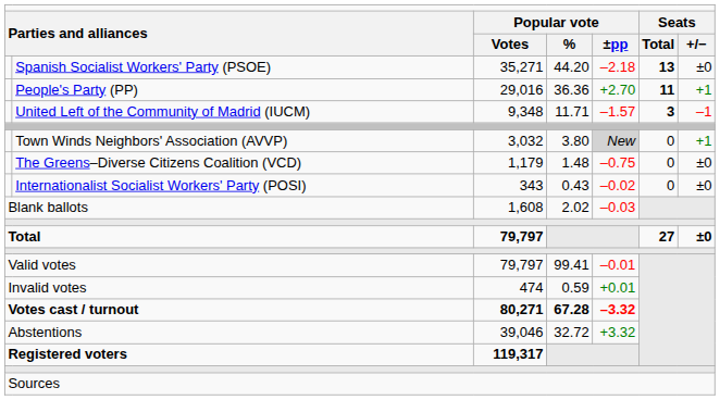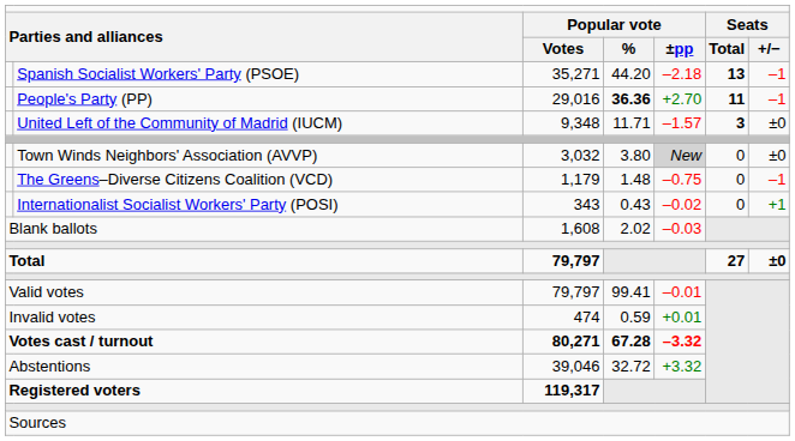 <table class="wikitable" style="text-align:right;">
 <tr>
 <td colspan="7"></td>
 </tr>
 <tr>
 <th style="text-align:left;" rowspan="2" colspan="2" width="525">Parties and alliances</th>
 <th colspan="3">Popular vote</th>
 <th colspan="2">Seats</th>
 </tr>
 <tr>
 <th width="75">Votes</th>
 <th width="45">%</th>
 <th width="45">±<a href='#'>pp</a></th>
 <th width="35">Total</th>
 <th width="35">+/−</th>
 </tr>
 <tr>
 <td width="1" style="color:inherit;background:"></td>
 <td align="left"><a href='#'>Spanish Socialist Workers' Party</a> (PSOE)</td>
 <td>35,271</td>
 <td>44.20</td>
 <td style="color:red;">–2.18</td>
 <td><strong>13</strong></td>
-<td>±0</td>
+<td style="color:red;">–1</td>
 </tr>
 <tr>
 <td style="color:inherit;background:"></td>
 <td align="left"><a href='#'>People's Party</a> (PP)</td>
 <td>29,016</td>
-<td>36.36</td>
+<td><strong>36.36</strong></td>
 <td style="color:green;">+2.70</td>
 <td><strong>11</strong></td>
-<td style="color:green;">+1</td>
+<td style="color:red;">–1</td>
 </tr>
 <tr>
 <td style="color:inherit;background:"></td>
 <td align="left"><a href='#'>United Left of the Community of Madrid</a> (IUCM)</td>
 <td>9,348</td>
 <td>11.71</td>
 <td style="color:red;">–1.57</td>
 <td><strong>3</strong></td>
-<td style="color:red;">–1</td>
+<td>±0</td>
 </tr>
 <tr>
 <td colspan="7" bgcolor="#C0C0C0"></td>
 </tr>
 <tr>
 <td style="color:inherit;background:"></td>
 <td align="left">Town Winds Neighbors' Association (AVVP)</td>
 <td>3,032</td>
 <td>3.80</td>
 <td style="background: lightgrey;"><em>New</em></td>
 <td>0</td>
-<td style="color:green;">+1</td>
+<td>±0</td>
 </tr>
 <tr>
 <td style="color:inherit;background:"></td>
 <td align="left"><a href='#'>The Greens</a>–Diverse Citizens Coalition (VCD)</td>
 <td>1,179</td>
 <td>1.48</td>
 <td style="color:red;">–0.75</td>
 <td>0</td>
-<td>±0</td>
+<td style="color:red;">–1</td>
 </tr>
 <tr>
 <td style="color:inherit;background:"></td>
 <td align="left"><a href='#'>Internationalist Socialist Workers' Party</a> (POSI)</td>
 <td>343</td>
 <td>0.43</td>
 <td style="color:red;">–0.02</td>
 <td>0</td>
-<td>±0</td>
+<td style="color:green;">+1</td>
 </tr>
 <tr>
 <td align="left" colspan="2">Blank ballots</td>
 <td>1,608</td>
 <td>2.02</td>
 <td style="color:red;">–0.03</td>
 <td bgcolor="#E9E9E9" colspan="2"></td>
 </tr>
 <tr>
 <td colspan="7" bgcolor="#E9E9E9"></td>
 </tr>
 <tr style="font-weight:bold;">
 <td align="left" colspan="2">Total</td>
 <td>79,797</td>
 <td bgcolor="#E9E9E9" colspan="2"></td>
 <td>27</td>
 <td>±0</td>
 </tr>
 <tr>
 <td colspan="7" bgcolor="#E9E9E9"></td>
 </tr>
 <tr>
 <td align="left" colspan="2">Valid votes</td>
 <td>79,797</td>
 <td>99.41</td>
 <td style="color:red;">–0.01</td>
 <td bgcolor="#E9E9E9" colspan="2" rowspan="5"></td>
 </tr>
 <tr>
 <td align="left" colspan="2">Invalid votes</td>
 <td>474</td>
 <td>0.59</td>
 <td style="color:green;">+0.01</td>
 </tr>
 <tr style="font-weight:bold;">
 <td align="left" colspan="2">Votes cast / turnout</td>
 <td>80,271</td>
 <td>67.28</td>
 <td style="color:red;">–3.32</td>
 </tr>
 <tr>
 <td align="left" colspan="2">Abstentions</td>
 <td>39,046</td>
 <td>32.72</td>
 <td style="color:green;">+3.32</td>
 </tr>
 <tr style="font-weight:bold;">
 <td align="left" colspan="2">Registered voters</td>
 <td>119,317</td>
 <td bgcolor="#E9E9E9" colspan="2"></td>
 </tr>
 <tr>
 <td colspan="7" bgcolor="#E9E9E9"></td>
 </tr>
 <tr>
 <td align="left" colspan="7">Sources</td>
 </tr>
 </table>
